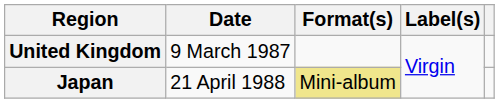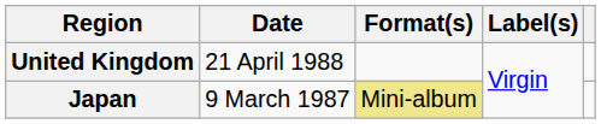 <table class="wikitable plainrowheaders">
 <tr>
 <th scope="col">Region</th>
 <th scope="col">Date</th>
 <th scope="col">Format(s)</th>
 <th scope="col">Label(s)</th>
 <th scope="col"></th>
 </tr>
 <tr>
 <th scope="row">United Kingdom</th>
-<td>9 March 1987</td>
+<td>21 April 1988</td>
 <td></td>
 <td rowspan="2"><a href='#'>Virgin</a></td>
 <td></td>
 </tr>
 <tr>
 <th scope="row">Japan</th>
-<td>21 April 1988</td>
+<td>9 March 1987</td>
 <td style="background: khaki;">Mini-album</td>
 <td></td>
 </tr>
 </table>
